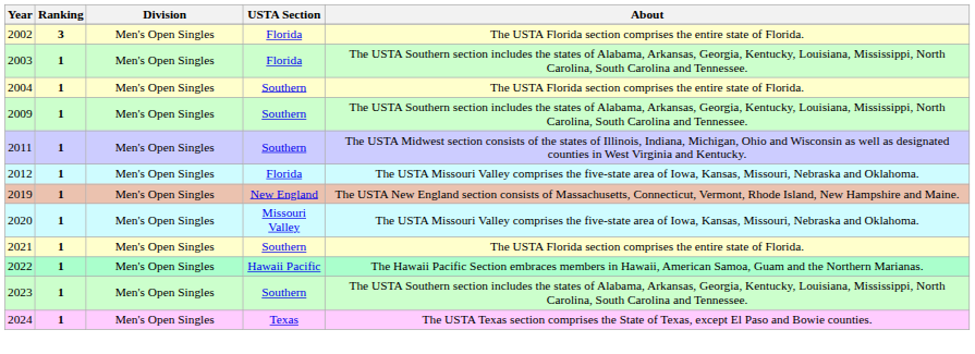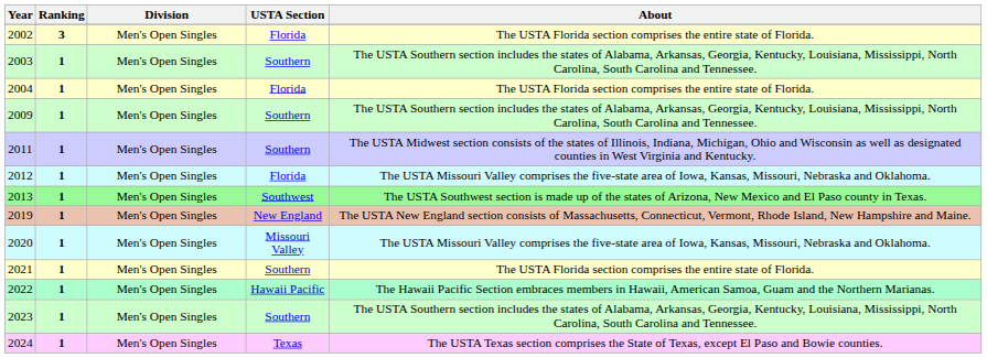 <table class="sortable wikitable" style="font-size:100%; text-align: center;">
 <tr>
 <th style="width:10px">Year</th>
 <th style="width:05px">Ranking</th>
 <th style="width:200px">Division</th>
 <th style="width:100px">USTA Section</th>
 <th style="width:850px">About</th>
 </tr>
 <tr style="background:#cfc;">
 </tr>
 <tr style="background:#ffc;">
 <td>2002</td>
 <td><strong>3</strong></td>
 <td>Men's Open Singles</td>
 <td><a href='#'>Florida</a></td>
 <td>The USTA Florida section comprises the entire state of Florida.</td>
 </tr>
 <tr style="background:#cfc;">
 <td>2003</td>
 <td><strong>1</strong></td>
 <td>Men's Open Singles</td>
-<td><a href='#'>Florida</a></td>
+<td><a href='#'>Southern</a></td>
 <td>The USTA Southern section includes the states of Alabama, Arkansas, Georgia, Kentucky, Louisiana, Mississippi, North Carolina, South Carolina and Tennessee.</td>
 </tr>
 <tr style="background:#ffc;">
 <td>2004</td>
 <td><strong>1</strong></td>
 <td>Men's Open Singles</td>
-<td><a href='#'>Southern</a></td>
+<td><a href='#'>Florida</a></td>
 <td>The USTA Florida section comprises the entire state of Florida.</td>
 </tr>
 <tr style="background:#cfc;">
 <td>2009</td>
 <td><strong>1</strong></td>
 <td>Men's Open Singles</td>
 <td><a href='#'>Southern</a></td>
 <td>The USTA Southern section includes the states of Alabama, Arkansas, Georgia, Kentucky, Louisiana, Mississippi, North Carolina, South Carolina and Tennessee.</td>
 </tr>
 <tr style="background:#ccf;">
 <td>2011</td>
 <td><strong>1</strong></td>
 <td>Men's Open Singles</td>
 <td><a href='#'>Southern</a></td>
 <td>The USTA Midwest section consists of the states of Illinois, Indiana, Michigan, Ohio and Wisconsin as well as designated counties in West Virginia and Kentucky.</td>
 </tr>
 <tr style="background:#CFFCFF;">
 <td>2012</td>
 <td><strong>1</strong></td>
 <td>Men's Open Singles</td>
 <td><a href='#'>Florida</a></td>
 <td>The USTA Missouri Valley comprises the five-state area of Iowa, Kansas, Missouri, Nebraska and Oklahoma.</td>
+</tr>
+<tr style="background:#98fb98;">
+<td>2013</td>
+<td><strong>1</strong></td>
+<td>Men's Open Singles</td>
+<td><a href='#'>Southwest</a></td>
+<td>The USTA Southwest section is made up of the states of Arizona, New Mexico and El Paso county in Texas.</td>
 </tr>
 <tr style="background:#ebc2af;">
 <td>2019</td>
 <td><strong>1</strong></td>
 <td>Men's Open Singles</td>
 <td><a href='#'>New England</a></td>
 <td>The USTA New England section consists of Massachusetts, Connecticut, Vermont, Rhode Island, New Hampshire and Maine.</td>
 </tr>
 <tr style="background:#CFFCFF;">
 <td>2020</td>
 <td><strong>1</strong></td>
 <td>Men's Open Singles</td>
 <td><a href='#'>Missouri Valley</a></td>
 <td>The USTA Missouri Valley comprises the five-state area of Iowa, Kansas, Missouri, Nebraska and Oklahoma.</td>
 </tr>
 <tr style="background:#ffc;">
 <td>2021</td>
 <td><strong>1</strong></td>
 <td>Men's Open Singles</td>
 <td><a href='#'>Southern</a></td>
 <td>The USTA Florida section comprises the entire state of Florida.</td>
 </tr>
 <tr style="background:#afc;">
 <td>2022</td>
 <td><strong>1</strong></td>
 <td>Men's Open Singles</td>
 <td><a href='#'>Hawaii Pacific</a></td>
 <td>The Hawaii Pacific Section embraces members in Hawaii, American Samoa, Guam and the Northern Marianas.</td>
 </tr>
 <tr style="background:#cfc;">
 <td>2023</td>
 <td><strong>1</strong></td>
 <td>Men's Open Singles</td>
 <td><a href='#'>Southern</a></td>
 <td>The USTA Southern section includes the states of Alabama, Arkansas, Georgia, Kentucky, Louisiana, Mississippi, North Carolina, South Carolina and Tennessee.</td>
 </tr>
 <tr style="background:#fcf;">
 <td>2024</td>
 <td><strong>1</strong></td>
 <td>Men's Open Singles</td>
 <td><a href='#'>Texas</a></td>
 <td>The USTA Texas section comprises the State of Texas, except El Paso and Bowie counties.</td>
 </tr>
 </table>
